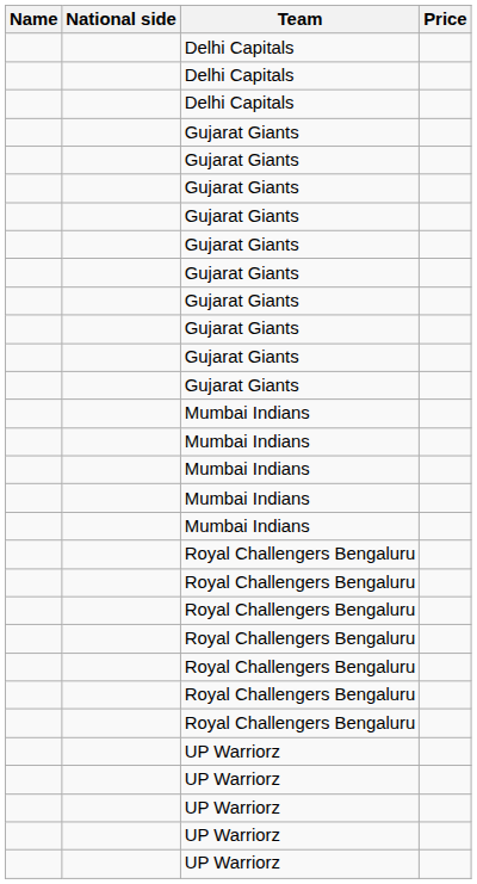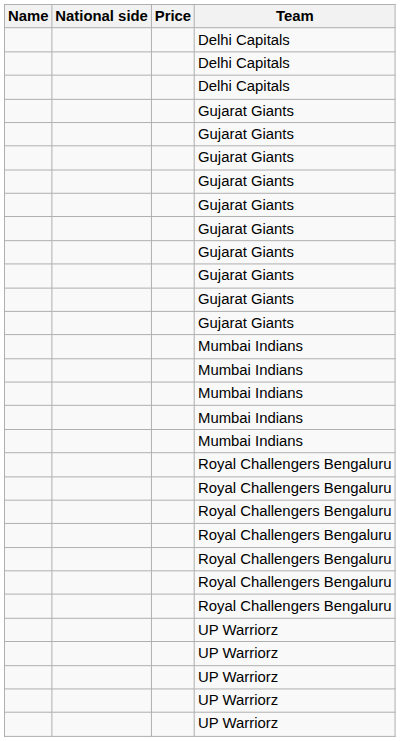 <table class="wikitable sortable">
 <tr>
 <th>Name</th>
 <th>National side</th>
+<th>Price</th>
 <th>Team</th>
-<th>Price</th>
 </tr>
 <tr>
 <td></td>
 <td></td>
+<td></td>
 <td>Delhi Capitals</td>
-<td></td>
 </tr>
 <tr>
 <td></td>
 <td></td>
+<td></td>
 <td>Delhi Capitals</td>
-<td></td>
 </tr>
 <tr>
 <td></td>
 <td></td>
+<td></td>
 <td>Delhi Capitals</td>
-<td></td>
 </tr>
 <tr>
 <td></td>
 <td></td>
+<td></td>
 <td>Gujarat Giants</td>
-<td></td>
 </tr>
 <tr>
 <td></td>
 <td></td>
+<td></td>
 <td>Gujarat Giants</td>
-<td></td>
 </tr>
 <tr>
 <td></td>
 <td></td>
+<td></td>
 <td>Gujarat Giants</td>
-<td></td>
 </tr>
 <tr>
 <td></td>
 <td></td>
+<td></td>
 <td>Gujarat Giants</td>
-<td></td>
 </tr>
 <tr>
 <td></td>
 <td></td>
+<td></td>
 <td>Gujarat Giants</td>
-<td></td>
 </tr>
 <tr>
 <td></td>
 <td></td>
+<td></td>
 <td>Gujarat Giants</td>
-<td></td>
 </tr>
 <tr>
 <td></td>
 <td></td>
+<td></td>
 <td>Gujarat Giants</td>
-<td></td>
 </tr>
 <tr>
 <td></td>
 <td></td>
+<td></td>
 <td>Gujarat Giants</td>
-<td></td>
 </tr>
 <tr>
 <td></td>
 <td></td>
+<td></td>
 <td>Gujarat Giants</td>
-<td></td>
 </tr>
 <tr>
 <td></td>
 <td></td>
+<td></td>
 <td>Gujarat Giants</td>
-<td></td>
 </tr>
 <tr>
 <td></td>
 <td></td>
+<td></td>
 <td>Mumbai Indians</td>
-<td></td>
 </tr>
 <tr>
 <td></td>
 <td></td>
+<td></td>
 <td>Mumbai Indians</td>
-<td></td>
 </tr>
 <tr>
 <td></td>
 <td></td>
+<td></td>
 <td>Mumbai Indians</td>
-<td></td>
 </tr>
 <tr>
 <td></td>
 <td></td>
+<td></td>
 <td>Mumbai Indians</td>
-<td></td>
 </tr>
 <tr>
 <td></td>
 <td></td>
+<td></td>
 <td>Mumbai Indians</td>
-<td></td>
 </tr>
 <tr>
 <td></td>
 <td></td>
+<td></td>
 <td>Royal Challengers Bengaluru</td>
-<td></td>
 </tr>
 <tr>
 <td></td>
 <td></td>
+<td></td>
 <td>Royal Challengers Bengaluru</td>
-<td></td>
 </tr>
 <tr>
 <td></td>
 <td></td>
+<td></td>
 <td>Royal Challengers Bengaluru</td>
-<td></td>
 </tr>
 <tr>
 <td></td>
 <td></td>
+<td></td>
 <td>Royal Challengers Bengaluru</td>
-<td></td>
 </tr>
 <tr>
 <td></td>
 <td></td>
+<td></td>
 <td>Royal Challengers Bengaluru</td>
-<td></td>
 </tr>
 <tr>
 <td></td>
 <td></td>
+<td></td>
 <td>Royal Challengers Bengaluru</td>
-<td></td>
 </tr>
 <tr>
 <td></td>
 <td></td>
+<td></td>
 <td>Royal Challengers Bengaluru</td>
-<td></td>
 </tr>
 <tr>
 <td></td>
 <td></td>
+<td></td>
 <td>UP Warriorz</td>
-<td></td>
 </tr>
 <tr>
 <td></td>
 <td></td>
+<td></td>
 <td>UP Warriorz</td>
-<td></td>
 </tr>
 <tr>
 <td></td>
 <td></td>
+<td></td>
 <td>UP Warriorz</td>
-<td></td>
 </tr>
 <tr>
 <td></td>
 <td></td>
+<td></td>
 <td>UP Warriorz</td>
-<td></td>
 </tr>
 <tr>
 <td></td>
 <td></td>
+<td></td>
 <td>UP Warriorz</td>
-<td></td>
 </tr>
 </table>
